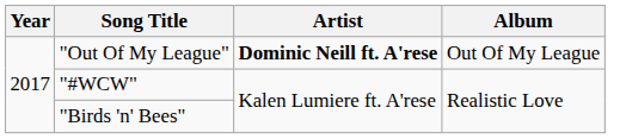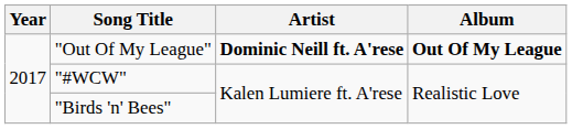 <table class="wikitable">
 <tr>
 <th>Year</th>
 <th>Song Title</th>
 <th>Artist</th>
 <th>Album</th>
 </tr>
 <tr>
 <td rowspan="3">2017</td>
 <td>"Out Of My League"</td>
 <td><strong>Dominic Neill ft. A'rese</strong></td>
-<td>Out Of My League</td>
+<td><strong>Out Of My League</strong></td>
 </tr>
 <tr>
 <td>"#WCW"</td>
 <td rowspan="2">Kalen Lumiere ft. A'rese</td>
 <td rowspan="2">Realistic Love</td>
 </tr>
 <tr>
 <td>"Birds 'n' Bees"</td>
 </tr>
 </table>
